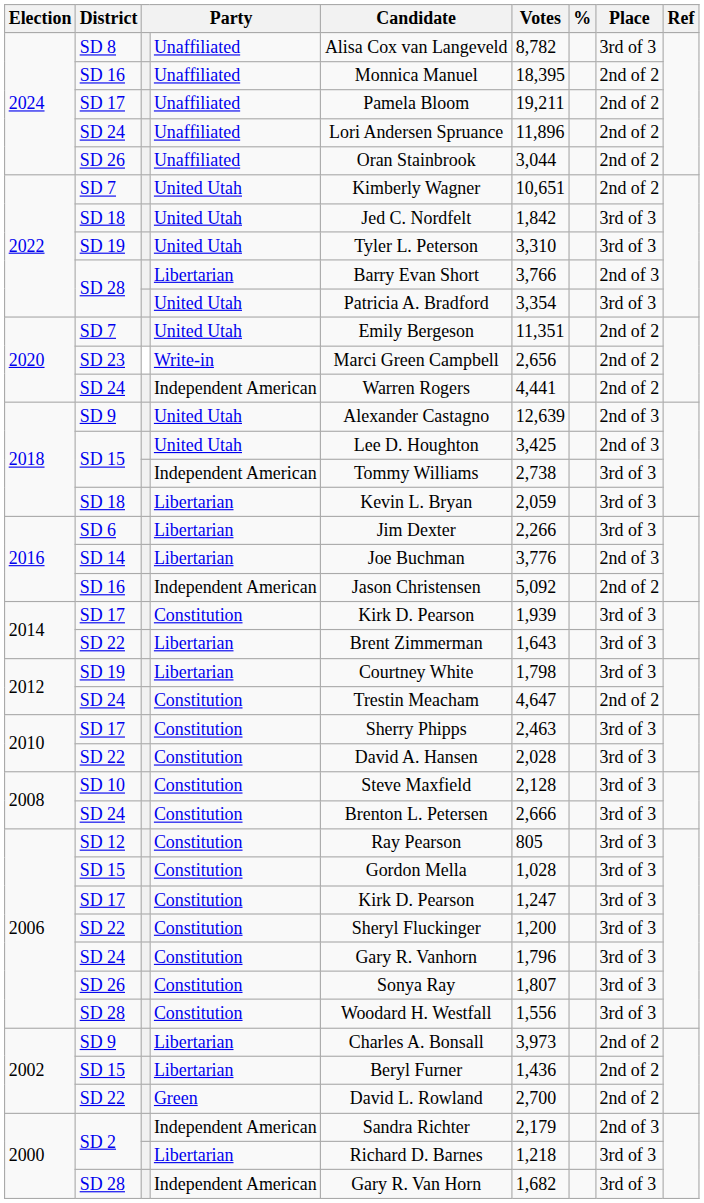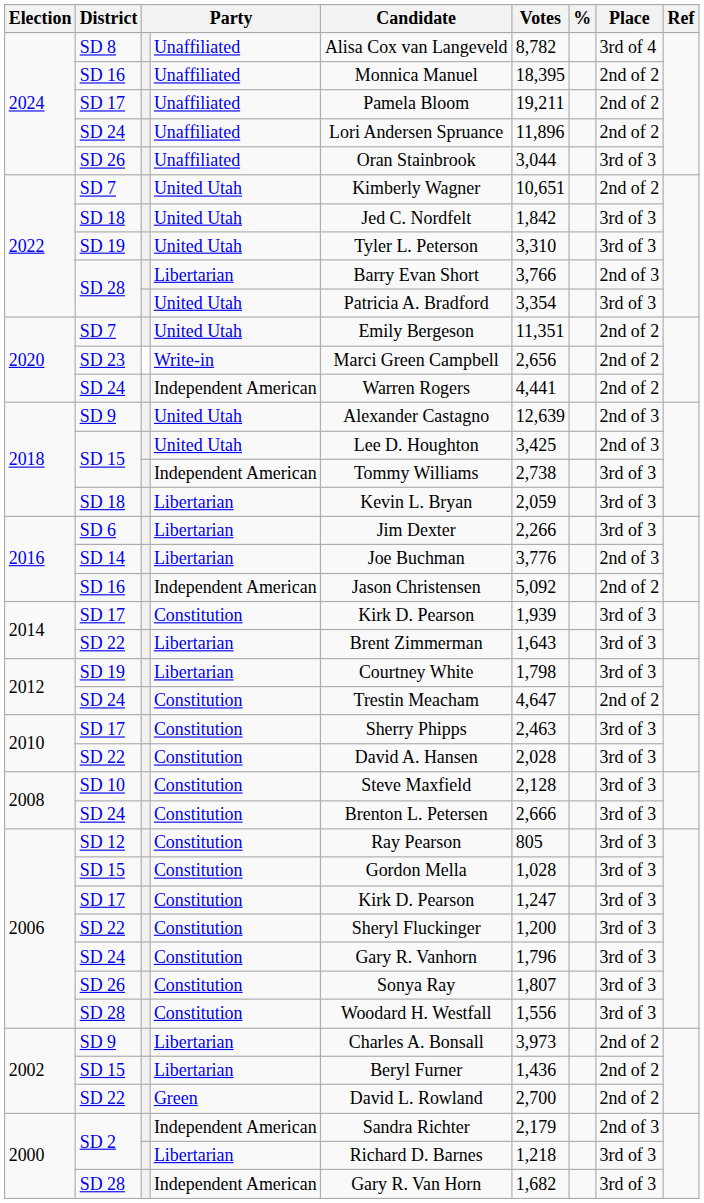 <table class="wikitable sortable">
 <tr>
 <th>Election</th>
 <th>District</th>
 <th colspan=2>Party</th>
 <th>Candidate</th>
 <th>Votes</th>
 <th>%</th>
 <th>Place</th>
 <th>Ref</th>
 </tr>
 <tr>
 <td rowspan=5><a href='#'>2024</a></td>
 <td><a href='#'>SD 8</a></td>
 <th style="background-color:"></th>
 <td><a href='#'>Unaffiliated</a></td>
 <td align="center">Alisa Cox van Langeveld</td>
 <td>8,782</td>
 <td></td>
-<td>3rd of 3</td>
+<td>3rd of 4</td>
 <td rowspan=5></td>
 </tr>
 <tr>
 <td><a href='#'>SD 16</a></td>
 <th style="background-color:"></th>
 <td><a href='#'>Unaffiliated</a></td>
 <td align="center">Monnica Manuel</td>
 <td>18,395</td>
 <td></td>
 <td>2nd of 2</td>
 </tr>
 <tr>
 <td><a href='#'>SD 17</a></td>
 <th style="background-color:"></th>
 <td><a href='#'>Unaffiliated</a></td>
 <td align="center">Pamela Bloom</td>
 <td>19,211</td>
 <td></td>
 <td>2nd of 2</td>
 </tr>
 <tr>
 <td><a href='#'>SD 24</a></td>
 <th style="background-color:"></th>
 <td><a href='#'>Unaffiliated</a></td>
 <td align="center">Lori Andersen Spruance</td>
 <td>11,896</td>
 <td></td>
 <td>2nd of 2</td>
 </tr>
 <tr>
 <td><a href='#'>SD 26</a></td>
 <th style="background-color:"></th>
 <td><a href='#'>Unaffiliated</a></td>
 <td align="center">Oran Stainbrook</td>
 <td>3,044</td>
 <td></td>
-<td>2nd of 2</td>
+<td>3rd of 3</td>
 </tr>
 <tr>
 <td rowspan=5><a href='#'>2022</a></td>
 <td><a href='#'>SD 7</a></td>
 <th style="background-color:"></th>
 <td><a href='#'>United Utah</a></td>
 <td align="center">Kimberly Wagner</td>
 <td>10,651</td>
 <td></td>
 <td>2nd of 2</td>
 <td rowspan=5></td>
 </tr>
 <tr>
 <td><a href='#'>SD 18</a></td>
 <th style="background-color:"></th>
 <td><a href='#'>United Utah</a></td>
 <td align="center">Jed C. Nordfelt</td>
 <td>1,842</td>
 <td></td>
 <td>3rd of 3</td>
 </tr>
 <tr>
 <td><a href='#'>SD 19</a></td>
 <th style="background-color:"></th>
 <td><a href='#'>United Utah</a></td>
 <td align="center">Tyler L. Peterson</td>
 <td>3,310</td>
 <td></td>
 <td>3rd of 3</td>
 </tr>
 <tr>
 <td rowspan=2><a href='#'>SD 28</a></td>
 <th style="background-color:"></th>
 <td><a href='#'>Libertarian</a></td>
 <td align="center">Barry Evan Short</td>
 <td>3,766</td>
 <td></td>
 <td>2nd of 3</td>
 </tr>
 <tr>
 <th style="background-color:"></th>
 <td><a href='#'>United Utah</a></td>
 <td align="center">Patricia A. Bradford</td>
 <td>3,354</td>
 <td></td>
 <td>3rd of 3</td>
 </tr>
 <tr>
 <td rowspan=3><a href='#'>2020</a></td>
 <td><a href='#'>SD 7</a></td>
 <th style="background-color:"></th>
 <td><a href='#'>United Utah</a></td>
 <td align="center">Emily Bergeson</td>
 <td>11,351</td>
 <td></td>
 <td>2nd of 2</td>
 <td rowspan=3></td>
 </tr>
 <tr>
 <td><a href='#'>SD 23</a></td>
 <th style="background-color:#ffffff"></th>
 <td><a href='#'>Write-in</a></td>
 <td align="center">Marci Green Campbell</td>
 <td>2,656</td>
 <td></td>
 <td>2nd of 2</td>
 </tr>
 <tr>
 <td><a href='#'>SD 24</a></td>
 <th style="background-color:"></th>
 <td>Independent American</td>
 <td align="center">Warren Rogers</td>
 <td>4,441</td>
 <td></td>
 <td>2nd of 2</td>
 </tr>
 <tr>
 <td rowspan=4><a href='#'>2018</a></td>
 <td><a href='#'>SD 9</a></td>
 <th style="background-color:"></th>
 <td><a href='#'>United Utah</a></td>
 <td align="center">Alexander Castagno</td>
 <td>12,639</td>
 <td></td>
 <td>2nd of 3</td>
 <td rowspan=4></td>
 </tr>
 <tr>
 <td rowspan=2><a href='#'>SD 15</a></td>
 <th style="background-color:"></th>
 <td><a href='#'>United Utah</a></td>
 <td align="center">Lee D. Houghton</td>
 <td>3,425</td>
 <td></td>
 <td>2nd of 3</td>
 </tr>
 <tr>
 <th style="background-color:"></th>
 <td>Independent American</td>
 <td align="center">Tommy Williams</td>
 <td>2,738</td>
 <td></td>
 <td>3rd of 3</td>
 </tr>
 <tr>
 <td><a href='#'>SD 18</a></td>
 <th style="background-color:"></th>
 <td><a href='#'>Libertarian</a></td>
 <td align="center">Kevin L. Bryan</td>
 <td>2,059</td>
 <td></td>
 <td>3rd of 3</td>
 </tr>
 <tr>
 <td rowspan=3><a href='#'>2016</a></td>
 <td><a href='#'>SD 6</a></td>
 <th style="background-color:"></th>
 <td><a href='#'>Libertarian</a></td>
 <td align="center">Jim Dexter</td>
 <td>2,266</td>
 <td></td>
 <td>3rd of 3</td>
 <td rowspan=3></td>
 </tr>
 <tr>
 <td><a href='#'>SD 14</a></td>
 <th style="background-color:"></th>
 <td><a href='#'>Libertarian</a></td>
 <td align="center">Joe Buchman</td>
 <td>3,776</td>
 <td></td>
 <td>2nd of 3</td>
 </tr>
 <tr>
 <td><a href='#'>SD 16</a></td>
 <th style="background-color:"></th>
 <td>Independent American</td>
 <td align="center">Jason Christensen</td>
 <td>5,092</td>
 <td></td>
 <td>2nd of 2</td>
 </tr>
 <tr>
 <td rowspan=2>2014</td>
 <td><a href='#'>SD 17</a></td>
 <th style="background-color:"></th>
 <td><a href='#'>Constitution</a></td>
 <td align="center">Kirk D. Pearson</td>
 <td>1,939</td>
 <td></td>
 <td>3rd of 3</td>
 <td rowspan=2></td>
 </tr>
 <tr>
 <td><a href='#'>SD 22</a></td>
 <th style="background-color:"></th>
 <td><a href='#'>Libertarian</a></td>
 <td align="center">Brent Zimmerman</td>
 <td>1,643</td>
 <td></td>
 <td>3rd of 3</td>
 </tr>
 <tr>
 <td rowspan=2>2012</td>
 <td><a href='#'>SD 19</a></td>
 <th style="background-color:"></th>
 <td><a href='#'>Libertarian</a></td>
 <td align="center">Courtney White</td>
 <td>1,798</td>
 <td></td>
 <td>3rd of 3</td>
 <td rowspan=2></td>
 </tr>
 <tr>
 <td><a href='#'>SD 24</a></td>
 <th style="background-color:"></th>
 <td><a href='#'>Constitution</a></td>
 <td align="center">Trestin Meacham</td>
 <td>4,647</td>
 <td></td>
 <td>2nd of 2</td>
 </tr>
 <tr>
 <td rowspan=2>2010</td>
 <td><a href='#'>SD 17</a></td>
 <th style="background-color:"></th>
 <td><a href='#'>Constitution</a></td>
 <td align="center">Sherry Phipps</td>
 <td>2,463</td>
 <td></td>
 <td>3rd of 3</td>
 <td rowspan=2></td>
 </tr>
 <tr>
 <td><a href='#'>SD 22</a></td>
 <th style="background-color:"></th>
 <td><a href='#'>Constitution</a></td>
 <td align="center">David A. Hansen</td>
 <td>2,028</td>
 <td></td>
 <td>3rd of 3</td>
 </tr>
 <tr>
 <td rowspan=2>2008</td>
 <td><a href='#'>SD 10</a></td>
 <th style="background-color:"></th>
 <td><a href='#'>Constitution</a></td>
 <td align="center">Steve Maxfield</td>
 <td>2,128</td>
 <td></td>
 <td>3rd of 3</td>
 <td rowspan=2></td>
 </tr>
 <tr>
 <td><a href='#'>SD 24</a></td>
 <th style="background-color:"></th>
 <td><a href='#'>Constitution</a></td>
 <td align="center">Brenton L. Petersen</td>
 <td>2,666</td>
 <td></td>
 <td>3rd of 3</td>
 </tr>
 <tr>
 <td rowspan=7>2006</td>
 <td><a href='#'>SD 12</a></td>
 <th style="background-color:"></th>
 <td><a href='#'>Constitution</a></td>
 <td align="center">Ray Pearson</td>
 <td>805</td>
 <td></td>
 <td>3rd of 3</td>
 <td rowspan=7></td>
 </tr>
 <tr>
 <td><a href='#'>SD 15</a></td>
 <th style="background-color:"></th>
 <td><a href='#'>Constitution</a></td>
 <td align="center">Gordon Mella</td>
 <td>1,028</td>
 <td></td>
 <td>3rd of 3</td>
 </tr>
 <tr>
 <td><a href='#'>SD 17</a></td>
 <th style="background-color:"></th>
 <td><a href='#'>Constitution</a></td>
 <td align="center">Kirk D. Pearson</td>
 <td>1,247</td>
 <td></td>
 <td>3rd of 3</td>
 </tr>
 <tr>
 <td><a href='#'>SD 22</a></td>
 <th style="background-color:"></th>
 <td><a href='#'>Constitution</a></td>
 <td align="center">Sheryl Fluckinger</td>
 <td>1,200</td>
 <td></td>
 <td>3rd of 3</td>
 </tr>
 <tr>
 <td><a href='#'>SD 24</a></td>
 <th style="background-color:"></th>
 <td><a href='#'>Constitution</a></td>
 <td align="center">Gary R. Vanhorn</td>
 <td>1,796</td>
 <td></td>
 <td>3rd of 3</td>
 </tr>
 <tr>
 <td><a href='#'>SD 26</a></td>
 <th style="background-color:"></th>
 <td><a href='#'>Constitution</a></td>
 <td align="center">Sonya Ray</td>
 <td>1,807</td>
 <td></td>
 <td>3rd of 3</td>
 </tr>
 <tr>
 <td><a href='#'>SD 28</a></td>
 <th style="background-color:"></th>
 <td><a href='#'>Constitution</a></td>
 <td align="center">Woodard H. Westfall</td>
 <td>1,556</td>
 <td></td>
 <td>3rd of 3</td>
 </tr>
 <tr>
 <td rowspan=3>2002</td>
 <td><a href='#'>SD 9</a></td>
 <th style="background-color:"></th>
 <td><a href='#'>Libertarian</a></td>
 <td align="center">Charles A. Bonsall</td>
 <td>3,973</td>
 <td></td>
 <td>2nd of 2</td>
 <td rowspan=3></td>
 </tr>
 <tr>
 <td><a href='#'>SD 15</a></td>
 <th style="background-color:"></th>
 <td><a href='#'>Libertarian</a></td>
 <td align="center">Beryl Furner</td>
 <td>1,436</td>
 <td></td>
 <td>2nd of 2</td>
 </tr>
 <tr>
 <td><a href='#'>SD 22</a></td>
 <th style="background-color:"></th>
 <td><a href='#'>Green</a></td>
 <td align="center">David L. Rowland</td>
 <td>2,700</td>
 <td></td>
 <td>2nd of 2</td>
 </tr>
 <tr>
 <td rowspan=3>2000</td>
 <td rowspan=2><a href='#'>SD 2</a></td>
 <th style="background-color:"></th>
 <td>Independent American</td>
 <td align="center">Sandra Richter</td>
 <td>2,179</td>
 <td></td>
 <td>2nd of 3</td>
 <td rowspan=3></td>
 </tr>
 <tr>
 <th style="background-color:"></th>
 <td><a href='#'>Libertarian</a></td>
 <td align="center">Richard D. Barnes</td>
 <td>1,218</td>
 <td></td>
 <td>3rd of 3</td>
 </tr>
 <tr>
 <td><a href='#'>SD 28</a></td>
 <th style="background-color:"></th>
 <td>Independent American</td>
 <td align="center">Gary R. Van Horn</td>
 <td>1,682</td>
 <td></td>
 <td>3rd of 3</td>
 </tr>
 </table>
